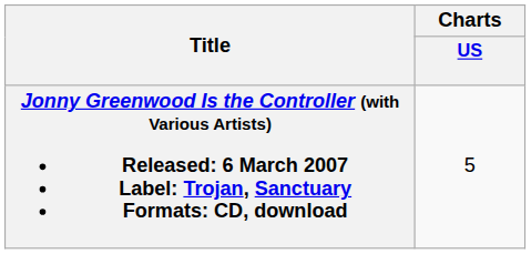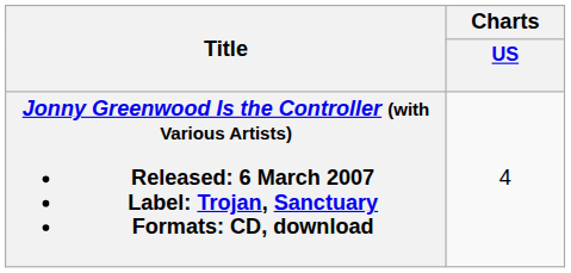 <table class="wikitable plainrowheaders" style="text-align:center;">
 <tr>
 <th rowspan="2" style="width:20em;">Title</th>
 <th colspan="1" style="width:5em;">Charts</th>
 </tr>
 <tr>
 <th scope="col" style="width:3em;font-size:90%;"><a href='#'>US<br></a><br></th>
 </tr>
 <tr>
 <th scope="row"><em><a href='#'>Jonny Greenwood Is the Controller</a></em> <small>(with Various Artists)</small><br><ul><li>Released: 6 March 2007</li><li>Label: <a href='#'>Trojan</a>, <a href='#'>Sanctuary</a></li><li>Formats: CD, download</li></ul></th>
-<td>5</td>
+<td>4</td>
 </tr>
 </table>
